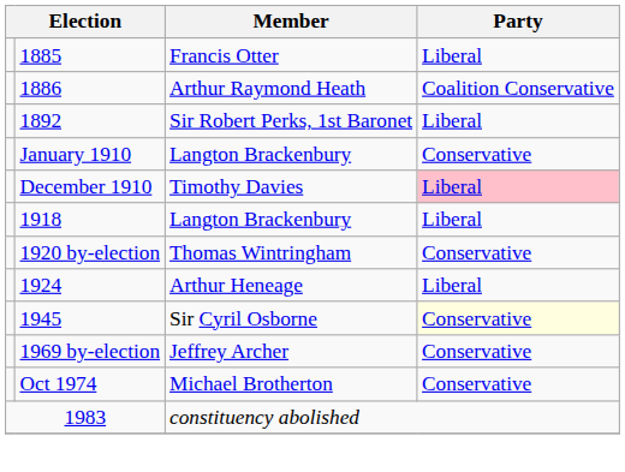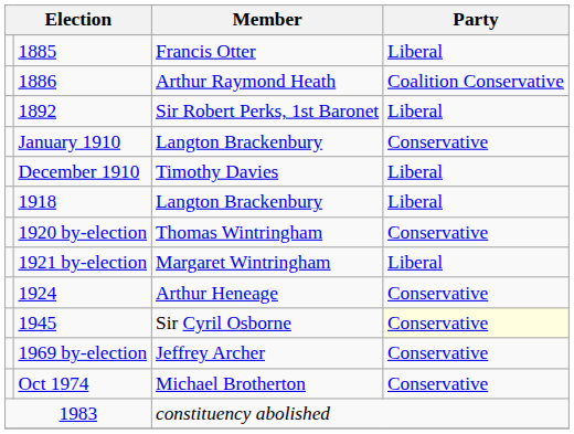 <table class="wikitable">
 <tr>
 <th colspan="2">Election</th>
 <th>Member</th>
 <th>Party</th>
 </tr>
 <tr>
 <td style="color:inherit;background-color: "></td>
 <td><a href='#'>1885</a></td>
 <td><a href='#'>Francis Otter</a></td>
 <td><a href='#'>Liberal</a></td>
 </tr>
 <tr>
 <td style="color:inherit;background-color: "></td>
 <td><a href='#'>1886</a></td>
 <td><a href='#'>Arthur Raymond Heath</a></td>
 <td><a href='#'>Coalition Conservative</a></td>
 </tr>
 <tr>
 <td style="color:inherit;background-color: "></td>
 <td><a href='#'>1892</a></td>
 <td><a href='#'>Sir Robert Perks, 1st Baronet</a></td>
 <td><a href='#'>Liberal</a></td>
 </tr>
 <tr>
 <td style="color:inherit;background-color: "></td>
 <td><a href='#'>January 1910</a></td>
 <td><a href='#'>Langton Brackenbury</a></td>
 <td><a href='#'>Conservative</a></td>
 </tr>
 <tr>
 <td style="color:inherit;background-color: "></td>
 <td><a href='#'>December 1910</a></td>
 <td><a href='#'>Timothy Davies</a></td>
-<td style="background: pink;"><a href='#'>Liberal</a></td>
+<td><a href='#'>Liberal</a></td>
 </tr>
 <tr>
 <td style="color:inherit;background-color: "></td>
 <td><a href='#'>1918</a></td>
 <td><a href='#'>Langton Brackenbury</a></td>
 <td><a href='#'>Liberal</a></td>
 </tr>
 <tr>
 <td style="color:inherit;background-color: "></td>
 <td><a href='#'>1920 by-election</a></td>
 <td><a href='#'>Thomas Wintringham</a></td>
 <td><a href='#'>Conservative</a></td>
 </tr>
 <tr>
 <td style="color:inherit;background-color: "></td>
+<td><a href='#'>1921 by-election</a></td>
+<td><a href='#'>Margaret Wintringham</a></td>
+<td><a href='#'>Liberal</a></td>
+</tr>
+<tr>
+<td style="color:inherit;background-color: "></td>
 <td><a href='#'>1924</a></td>
 <td><a href='#'>Arthur Heneage</a></td>
-<td><a href='#'>Liberal</a></td>
+<td><a href='#'>Conservative</a></td>
 </tr>
 <tr>
 <td style="color:inherit;background-color: "></td>
 <td><a href='#'>1945</a></td>
 <td>Sir <a href='#'>Cyril Osborne</a></td>
 <td style="background: lightyellow;"><a href='#'>Conservative</a></td>
 </tr>
 <tr>
 <td style="color:inherit;background-color: "></td>
 <td><a href='#'>1969 by-election</a></td>
 <td><a href='#'>Jeffrey Archer</a></td>
 <td><a href='#'>Conservative</a></td>
 </tr>
 <tr>
 <td style="color:inherit;background-color: "></td>
 <td><a href='#'>Oct 1974</a></td>
 <td><a href='#'>Michael Brotherton</a></td>
 <td><a href='#'>Conservative</a></td>
 </tr>
 <tr>
 <td colspan="2" align="center"><a href='#'>1983</a></td>
 <td colspan="2"><em>constituency abolished</em></td>
 </tr>
 <tr>
 </tr>
 </table>
